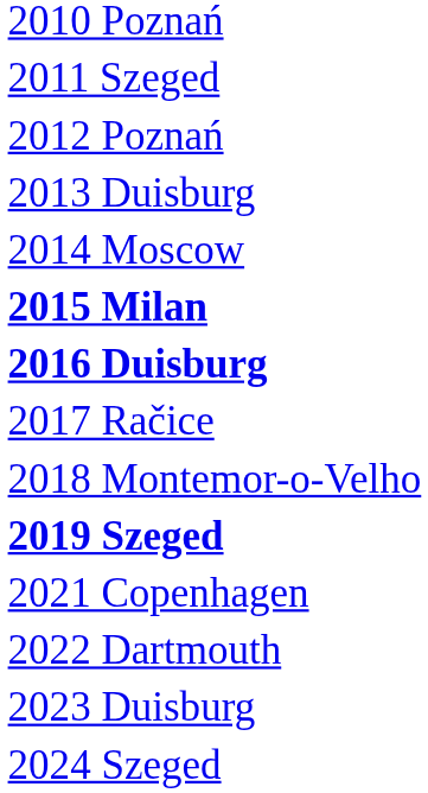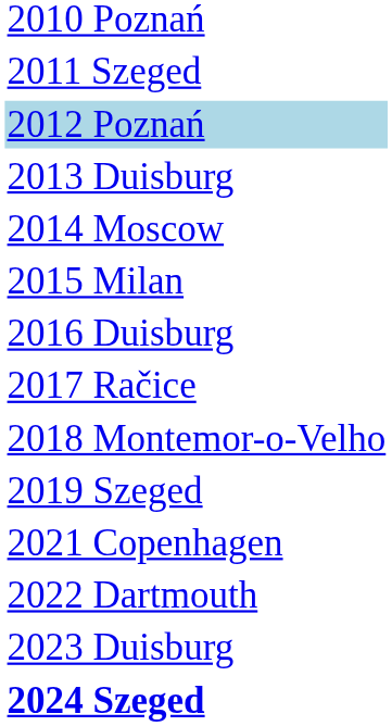 <table>
 <tr>
 <td><a href='#'>2010 Poznań</a></td>
 <td></td>
 <td></td>
 <td></td>
 </tr>
 <tr>
 <td><a href='#'>2011 Szeged</a></td>
 <td></td>
 <td></td>
 <td></td>
 </tr>
 <tr>
-<td><a href='#'>2012 Poznań</a></td>
+<td style="background: lightblue;"><a href='#'>2012 Poznań</a></td>
 <td></td>
 <td></td>
 <td></td>
 </tr>
 <tr>
 <td><a href='#'>2013 Duisburg</a></td>
 <td></td>
 <td></td>
 <td></td>
 </tr>
 <tr>
 <td><a href='#'>2014 Moscow</a></td>
 <td></td>
 <td></td>
 <td></td>
 </tr>
 <tr>
-<td><strong><a href='#'>2015 Milan</a></strong></td>
+<td><a href='#'>2015 Milan</a></td>
 <td></td>
 <td></td>
 <td></td>
 </tr>
 <tr>
-<td><strong><a href='#'>2016 Duisburg</a></strong></td>
+<td><a href='#'>2016 Duisburg</a></td>
 <td></td>
 <td></td>
 <td></td>
 </tr>
 <tr>
 <td><a href='#'>2017 Račice</a></td>
 <td></td>
 <td></td>
 <td></td>
 </tr>
 <tr>
 <td><a href='#'>2018 Montemor-o-Velho</a></td>
 <td></td>
 <td></td>
 <td></td>
 </tr>
 <tr>
-<td><strong><a href='#'>2019 Szeged</a></strong></td>
+<td><a href='#'>2019 Szeged</a></td>
 <td></td>
 <td></td>
 <td></td>
 </tr>
 <tr>
 <td><a href='#'>2021 Copenhagen</a></td>
 <td></td>
 <td></td>
 <td></td>
 </tr>
 <tr>
 <td><a href='#'>2022 Dartmouth</a></td>
 <td></td>
 <td></td>
 <td></td>
 </tr>
 <tr>
 <td><a href='#'>2023 Duisburg</a></td>
 <td></td>
 <td></td>
 <td></td>
 </tr>
 <tr>
-<td><a href='#'>2024 Szeged</a></td>
+<td><strong><a href='#'>2024 Szeged</a></strong></td>
 <td></td>
 <td></td>
 <td></td>
 </tr>
 </table>
